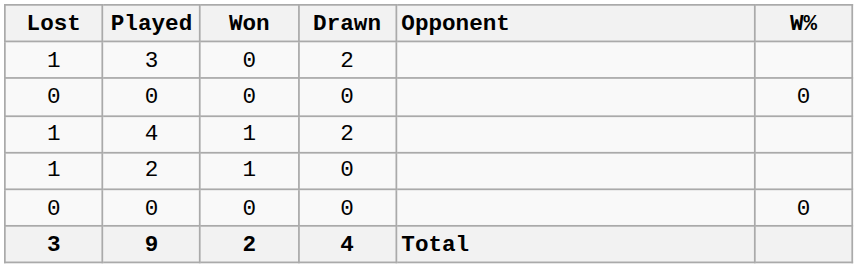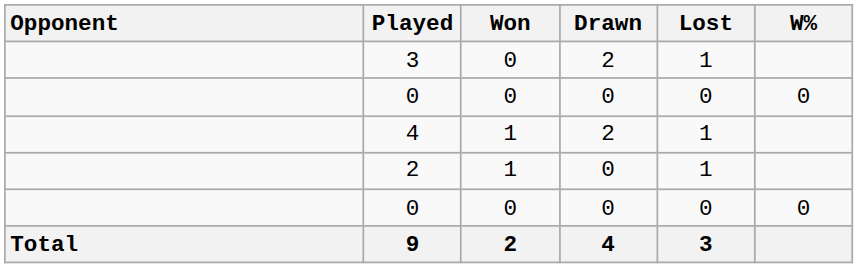 <table class="wikitable sortable" style="text-align:center;">
 <tr>
-<th style="width:50px;">Lost</th>
+<th style="width:200px; text-align:left;">Opponent</th>
 <th style="width:50px;">Played</th>
 <th style="width:50px;">Won</th>
 <th style="width:50px;">Drawn</th>
-<th style="width:200px; text-align:left;">Opponent</th>
+<th style="width:50px;">Lost</th>
 <th style="width:50px;">W%</th>
 </tr>
 <tr>
-<td>1</td>
+<td style="text-align:left;"><strong></strong></td>
 <td>3</td>
 <td>0</td>
 <td>2</td>
-<td style="text-align:left;"><strong></strong></td>
+<td>1</td>
 <td></td>
 </tr>
 <tr>
+<td style="text-align:left;"><strong></strong></td>
 <td>0</td>
 <td>0</td>
 <td>0</td>
 <td>0</td>
-<td style="text-align:left;"><strong></strong></td>
 <td>0</td>
 </tr>
 <tr>
-<td>1</td>
+<td style="text-align:left;"><strong></strong></td>
 <td>4</td>
 <td>1</td>
 <td>2</td>
-<td style="text-align:left;"><strong></strong></td>
+<td>1</td>
 <td></td>
 </tr>
 <tr>
-<td>1</td>
+<td style="text-align:left;"><strong></strong></td>
 <td>2</td>
 <td>1</td>
 <td>0</td>
-<td style="text-align:left;"><strong></strong></td>
+<td>1</td>
 <td></td>
 </tr>
 <tr>
+<td style="text-align:left;"><strong></strong></td>
 <td>0</td>
 <td>0</td>
 <td>0</td>
 <td>0</td>
-<td style="text-align:left;"><strong></strong></td>
 <td>0</td>
 </tr>
 <tr>
-<th>3</th>
+<th style="text-align:left;"><strong>Total</strong></th>
 <th>9</th>
 <th>2</th>
 <th>4</th>
-<th style="text-align:left;"><strong>Total</strong></th>
+<th>3</th>
 <th></th>
 </tr>
 </table>
